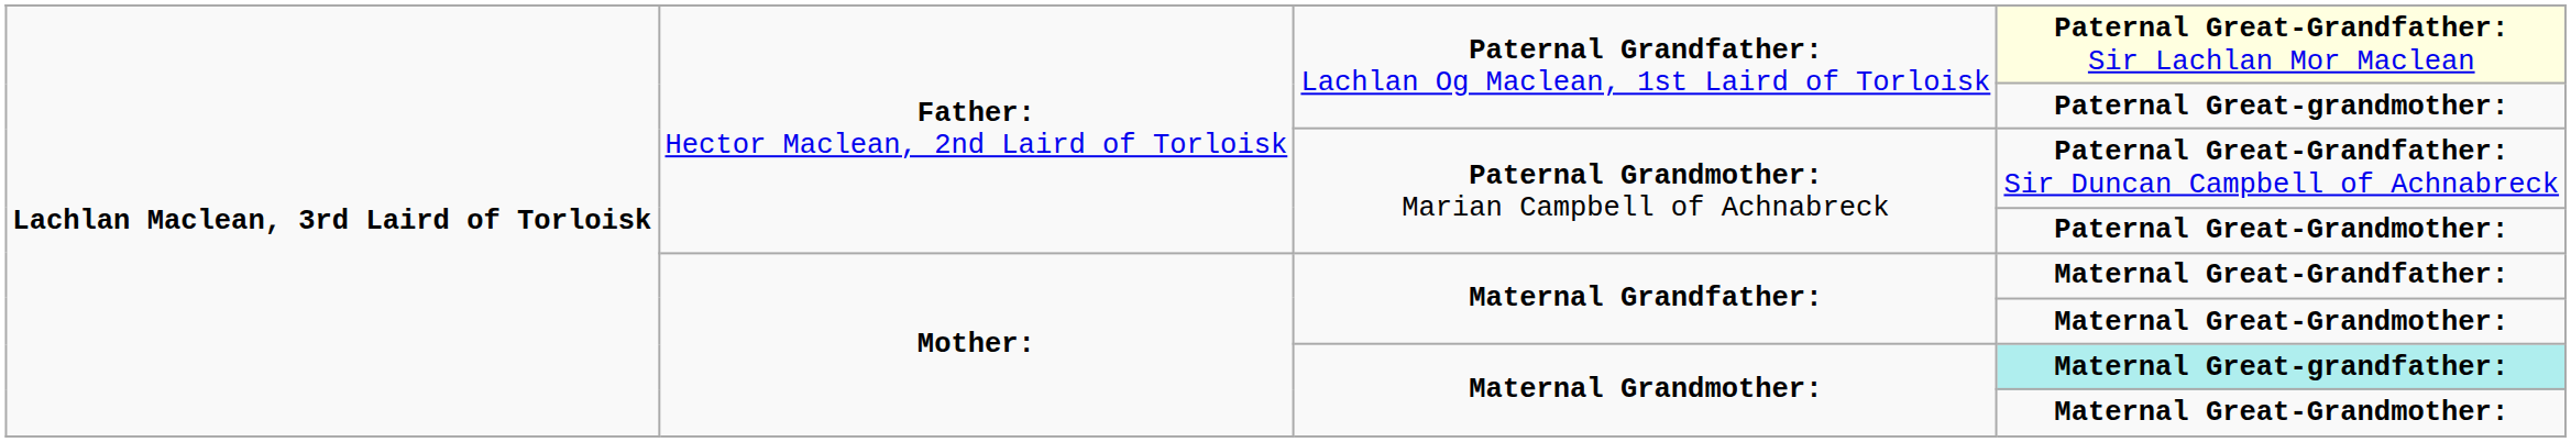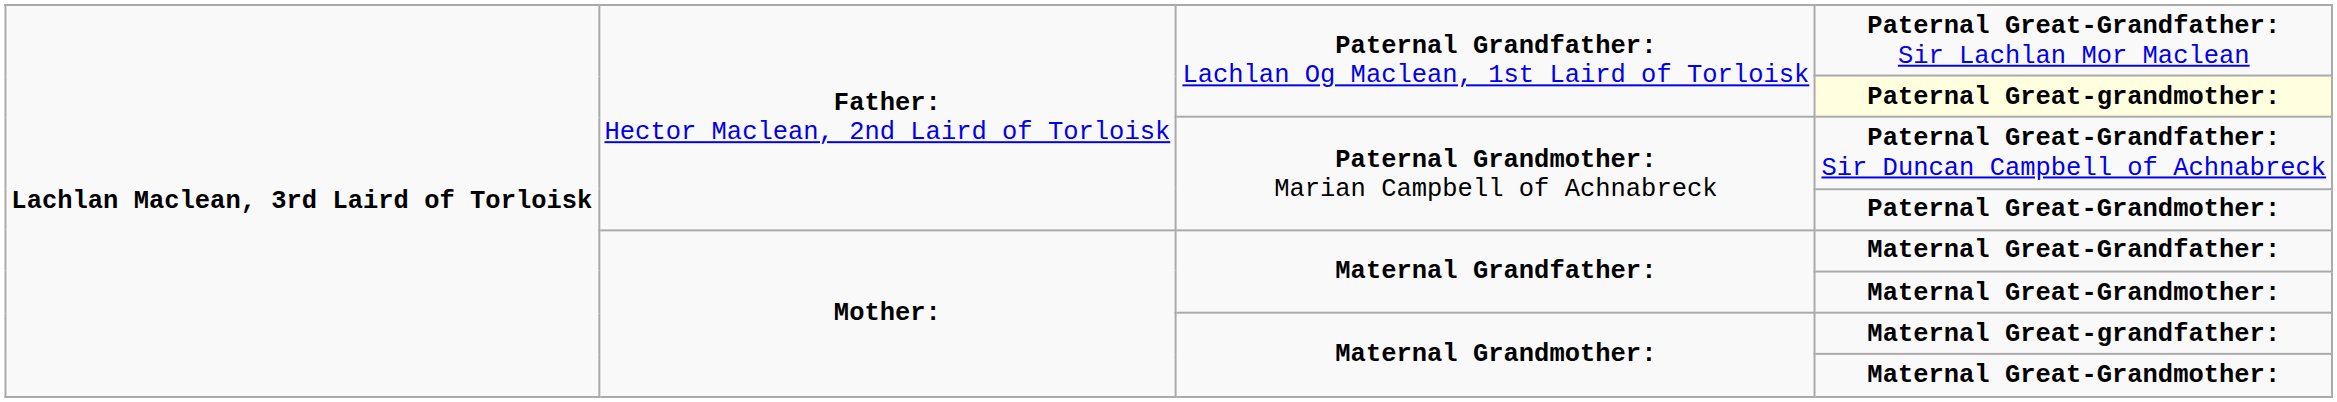 <table class="wikitable"  style="margin:1em auto;">
 <tr>
 </tr>
 <tr>
 <td rowspan="8" align="center"><strong>Lachlan Maclean, 3rd Laird of Torloisk</strong></td>
 <td rowspan="4" align="center"><strong>Father:</strong><br><a href='#'>Hector Maclean, 2nd Laird of Torloisk</a></td>
 <td rowspan="2" align="center"><strong>Paternal Grandfather:</strong><br><a href='#'>Lachlan Og Maclean, 1st Laird of Torloisk</a></td>
-<td align="center" style="background: lightyellow;"><strong>Paternal Great-Grandfather:</strong><br><a href='#'>Sir Lachlan Mor Maclean</a></td>
+<td align="center"><strong>Paternal Great-Grandfather:</strong><br><a href='#'>Sir Lachlan Mor Maclean</a></td>
 </tr>
 <tr>
-<td align="center"><strong>Paternal Great-grandmother:</strong><br></td>
+<td align="center" style="background: lightyellow;"><strong>Paternal Great-grandmother:</strong><br></td>
 </tr>
 <tr>
 <td rowspan="2" align="center"><strong>Paternal Grandmother:</strong><br>Marian Campbell of Achnabreck</td>
 <td align="center"><strong>Paternal Great-Grandfather:</strong><br><a href='#'>Sir Duncan Campbell of Achnabreck</a></td>
 </tr>
 <tr>
 <td align="center"><strong>Paternal Great-Grandmother:</strong><br></td>
 </tr>
 <tr>
 <td rowspan="4" align="center"><strong>Mother:</strong><br></td>
 <td rowspan="2" align="center"><strong>Maternal Grandfather:</strong><br></td>
 <td align="center"><strong>Maternal Great-Grandfather:</strong><br></td>
 </tr>
 <tr>
 <td align="center"><strong>Maternal Great-Grandmother:</strong><br></td>
 </tr>
 <tr>
 <td rowspan="2" align="center"><strong>Maternal Grandmother:</strong><br></td>
-<td align="center" style="background: paleturquoise;"><strong>Maternal Great-grandfather:</strong><br></td>
+<td align="center"><strong>Maternal Great-grandfather:</strong><br></td>
 </tr>
 <tr>
 <td align="center"><strong>Maternal Great-Grandmother:</strong><br></td>
 </tr>
 </table>
